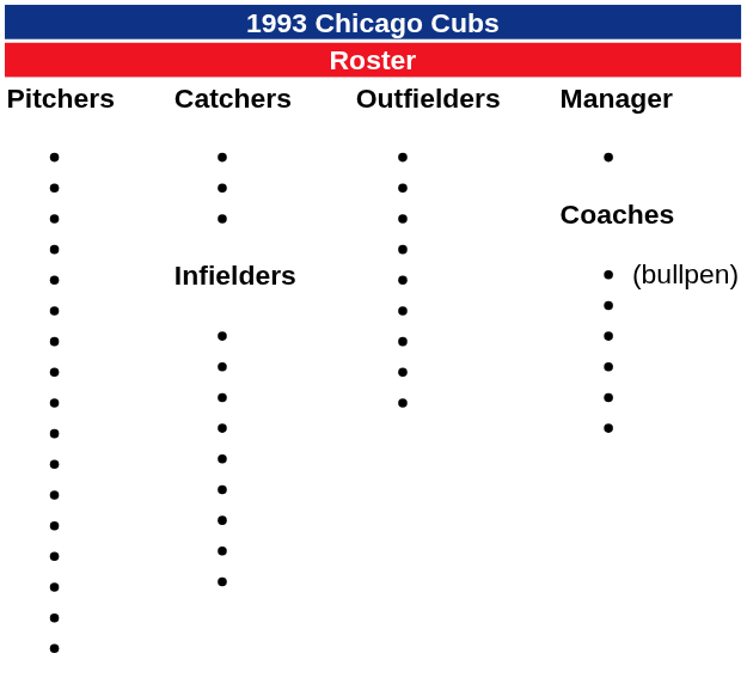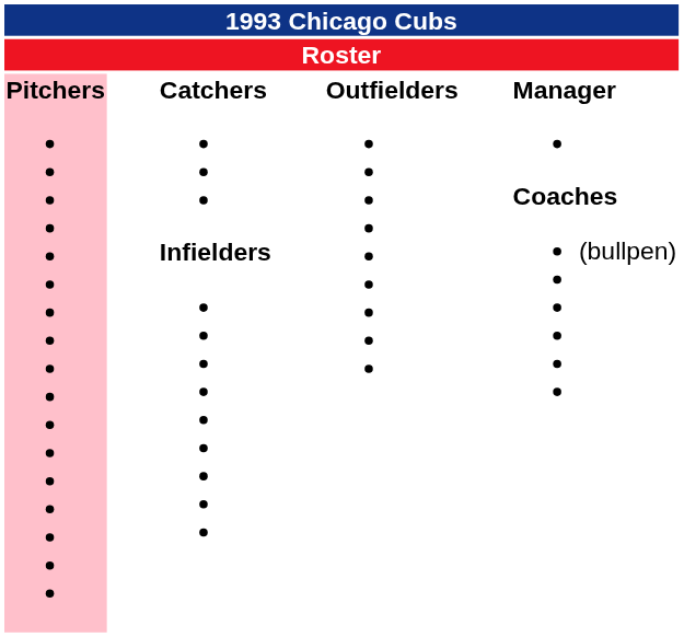 <table class="toccolours" style="font-size: 95%;">
 <tr>
 <th colspan="10" style="background-color: #0e3386; color: #FFFFFF; text-align: center;">1993 Chicago Cubs</th>
 </tr>
 <tr>
 <td colspan="10" style="background-color: #EE1422; color: #FFFFFF; text-align: center;"><strong>Roster</strong></td>
 </tr>
 <tr>
-<td valign="top"><strong>Pitchers</strong><br><ul><li></li><li></li><li></li><li></li><li></li><li></li><li></li><li></li><li></li><li></li><li></li><li></li><li></li><li></li><li></li><li></li><li></li></ul></td>
+<td valign="top" style="background: pink;"><strong>Pitchers</strong><br><ul><li></li><li></li><li></li><li></li><li></li><li></li><li></li><li></li><li></li><li></li><li></li><li></li><li></li><li></li><li></li><li></li><li></li></ul></td>
 <td width="25px"></td>
 <td valign="top"><strong>Catchers</strong><br><ul><li></li><li></li><li></li></ul><strong>Infielders</strong><ul><li></li><li></li><li></li><li></li><li></li><li></li><li></li><li></li><li></li></ul></td>
 <td width="25px"></td>
 <td valign="top"><strong>Outfielders</strong><br><ul><li></li><li></li><li></li><li></li><li></li><li></li><li></li><li></li><li></li></ul></td>
 <td width="25px"></td>
 <td valign="top"><strong>Manager</strong><br><ul><li></li></ul><strong>Coaches</strong><ul><li> (bullpen)</li><li></li><li></li><li></li><li></li><li></li></ul></td>
 </tr>
 <tr>
 </tr>
 </table>
